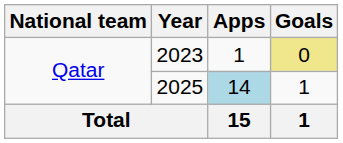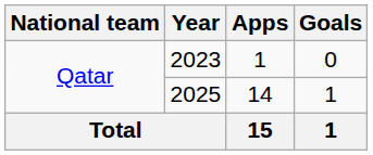 <table class="wikitable" style="text-align: center;">
 <tr>
 <th>National team</th>
 <th>Year</th>
 <th>Apps</th>
 <th>Goals</th>
 </tr>
 <tr>
 <td rowspan="2"><a href='#'>Qatar</a></td>
 <td>2023</td>
 <td>1</td>
-<td style="background: khaki;">0</td>
+<td>0</td>
 </tr>
 <tr>
 <td>2025</td>
-<td style="background: lightblue;">14</td>
+<td>14</td>
 <td>1</td>
 </tr>
 <tr>
 <th colspan="2">Total</th>
 <th>15</th>
 <th>1</th>
 </tr>
 </table>
